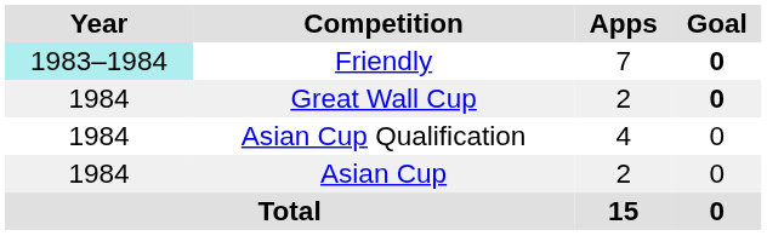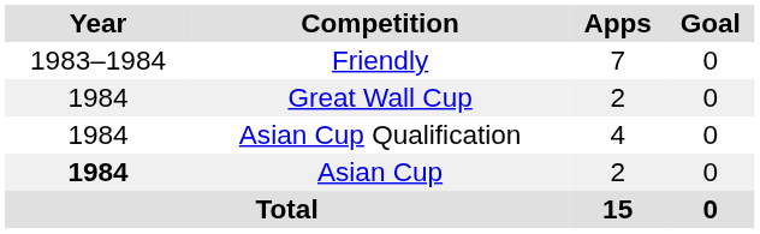 <table border="0" cellpadding="2" cellspacing="0" style="width:50%;">
 <tr style="text-align:center; background:#e0e0e0;">
 <th>Year</th>
 <th>Competition</th>
 <th>Apps</th>
 <th>Goal</th>
 </tr>
 <tr style="text-align:center;">
-<td style="background: paleturquoise;">1983–1984</td>
+<td>1983–1984</td>
 <td><a href='#'>Friendly</a></td>
 <td>7</td>
-<td><strong>0</strong></td>
+<td>0</td>
 </tr>
 <tr style="text-align:center; background:#f0f0f0;">
 <td>1984</td>
 <td><a href='#'>Great Wall Cup</a></td>
 <td>2</td>
-<td><strong>0</strong></td>
+<td>0</td>
 </tr>
 <tr style="text-align:center;">
 <td>1984</td>
 <td><a href='#'>Asian Cup</a> Qualification</td>
 <td>4</td>
 <td>0</td>
 </tr>
 <tr style="text-align:center; background:#f0f0f0;">
-<td>1984</td>
+<td><strong>1984</strong></td>
 <td><a href='#'>Asian Cup</a></td>
 <td>2</td>
 <td>0</td>
 </tr>
 <tr style="text-align:center; background:#e0e0e0;">
 <th colspan="2">Total</th>
 <th style="text-align:center;">15</th>
 <th style="text-align:center;">0</th>
 </tr>
 </table>
